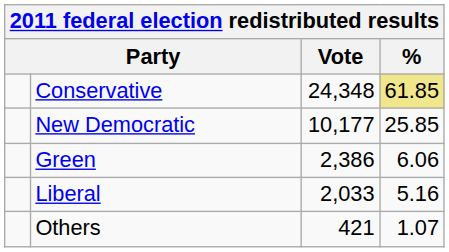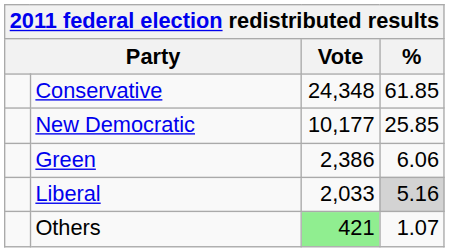 <table class="wikitable">
 <tr>
 <th colspan="4"><a href='#'>2011 federal election</a> redistributed results</th>
 </tr>
 <tr>
 <th bgcolor="#DDDDFF" width="130px" colspan="2">Party</th>
 <th bgcolor="#DDDDFF" width="50px">Vote</th>
 <th bgcolor="#DDDDFF" width="30px">%</th>
 </tr>
 <tr>
 <td> </td>
 <td><a href='#'>Conservative</a></td>
 <td align="right">24,348</td>
-<td align="right" style="background: khaki;">61.85</td>
+<td align="right">61.85</td>
 </tr>
 <tr>
 <td> </td>
 <td><a href='#'>New Democratic</a></td>
 <td align="right">10,177</td>
 <td align="right">25.85</td>
 </tr>
 <tr>
 <td> </td>
 <td><a href='#'>Green</a></td>
 <td align="right">2,386</td>
 <td align="right">6.06</td>
 </tr>
 <tr>
 <td> </td>
 <td><a href='#'>Liberal</a></td>
 <td align="right">2,033</td>
-<td align="right">5.16</td>
+<td align="right" style="background: lightgrey;">5.16</td>
 </tr>
 <tr>
 <td> </td>
 <td>Others</td>
-<td align="right">421</td>
+<td align="right" style="background: lightgreen;">421</td>
 <td align="right">1.07</td>
 </tr>
 </table>
